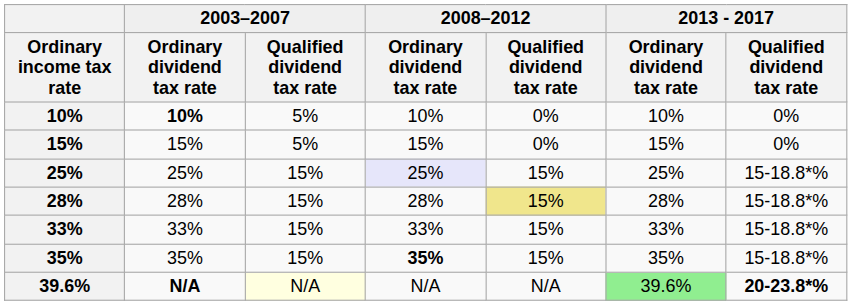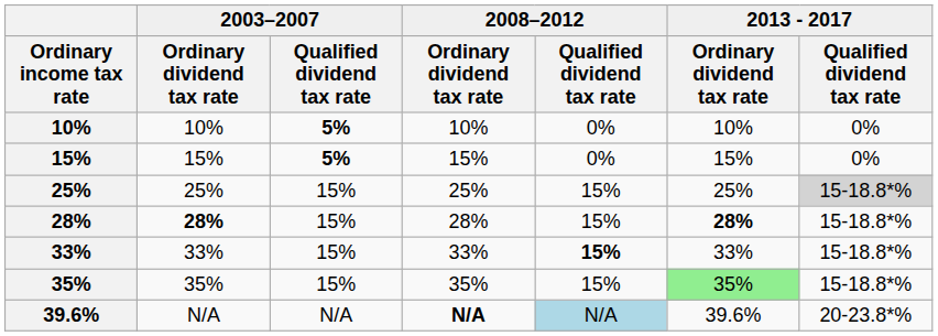 <table class="wikitable" style="text-align: center;">
 <tr>
 <th></th>
 <th colspan="2" style="background:#efefef;">2003–2007</th>
 <th colspan="2" style="background:#efefef;">2008–2012</th>
 <th colspan="3" style="background:#efefef;">2013 - 2017</th>
 </tr>
 <tr>
 <th width="100">Ordinary income tax rate</th>
 <th width="100">Ordinary dividend<br>tax rate</th>
 <th width="100">Qualified dividend<br>tax rate</th>
 <th width="100">Ordinary dividend<br>tax rate</th>
 <th width="100">Qualified dividend<br>tax rate</th>
 <th width="100">Ordinary dividend<br>tax rate</th>
 <th width="100">Qualified dividend<br>tax rate</th>
 </tr>
 <tr>
 <th>10%</th>
-<td><strong>10%</strong></td>
-<td>5%</td>
+<td>10%</td>
+<td><strong>5%</strong></td>
 <td>10%</td>
 <td>0%</td>
 <td>10%</td>
 <td>0%</td>
 </tr>
 <tr>
 <th>15%</th>
 <td>15%</td>
-<td>5%</td>
+<td><strong>5%</strong></td>
 <td>15%</td>
 <td>0%</td>
 <td>15%</td>
 <td>0%</td>
 </tr>
 <tr>
 <th>25%</th>
 <td>25%</td>
 <td>15%</td>
-<td style="background: lavender;">25%</td>
+<td>25%</td>
 <td>15%</td>
 <td>25%</td>
-<td>15-18.8*%</td>
+<td style="background: lightgrey;">15-18.8*%</td>
 </tr>
 <tr>
 <th>28%</th>
+<td><strong>28%</strong></td>
+<td>15%</td>
 <td>28%</td>
 <td>15%</td>
-<td>28%</td>
-<td style="background: khaki;">15%</td>
-<td>28%</td>
+<td><strong>28%</strong></td>
 <td>15-18.8*%</td>
 </tr>
 <tr>
 <th>33%</th>
 <td>33%</td>
 <td>15%</td>
 <td>33%</td>
-<td>15%</td>
+<td><strong>15%</strong></td>
 <td>33%</td>
 <td>15-18.8*%</td>
 </tr>
 <tr>
 <th>35%</th>
 <td>35%</td>
 <td>15%</td>
-<td><strong>35%</strong></td>
+<td>35%</td>
 <td>15%</td>
-<td>35%</td>
+<td style="background: lightgreen;">35%</td>
 <td>15-18.8*%</td>
 </tr>
 <tr>
 <th>39.6%</th>
-<td><strong>N/A</strong></td>
-<td style="background: lightyellow;">N/A</td>
 <td>N/A</td>
 <td>N/A</td>
-<td style="background: lightgreen;">39.6%</td>
-<td><strong>20-23.8*%</strong></td>
+<td><strong>N/A</strong></td>
+<td style="background: lightblue;">N/A</td>
+<td>39.6%</td>
+<td>20-23.8*%</td>
 </tr>
 </table>
